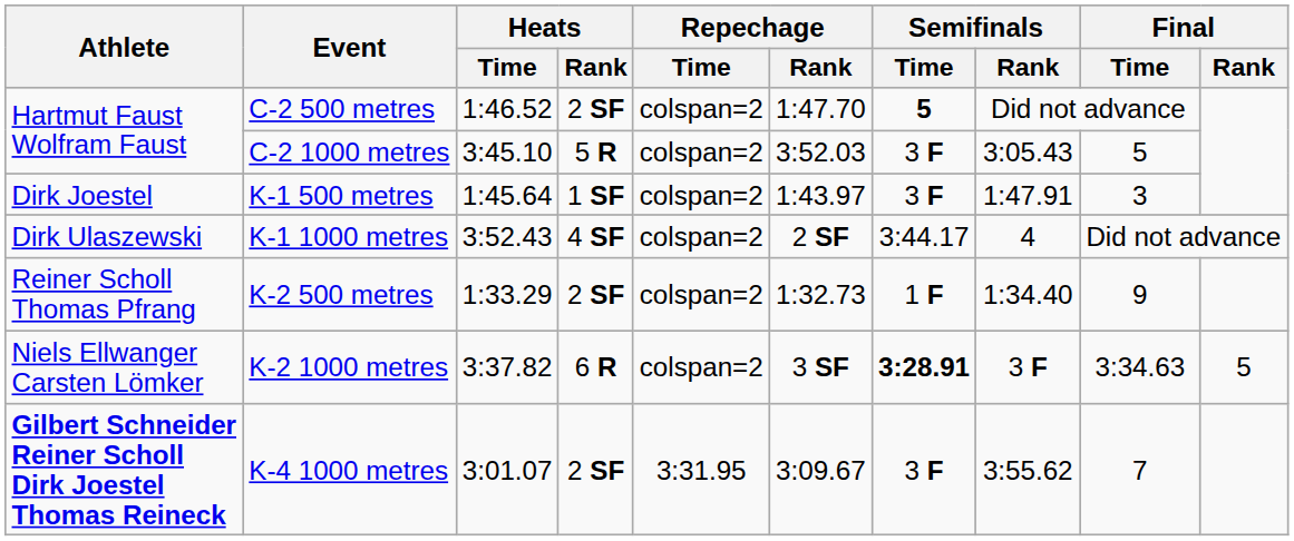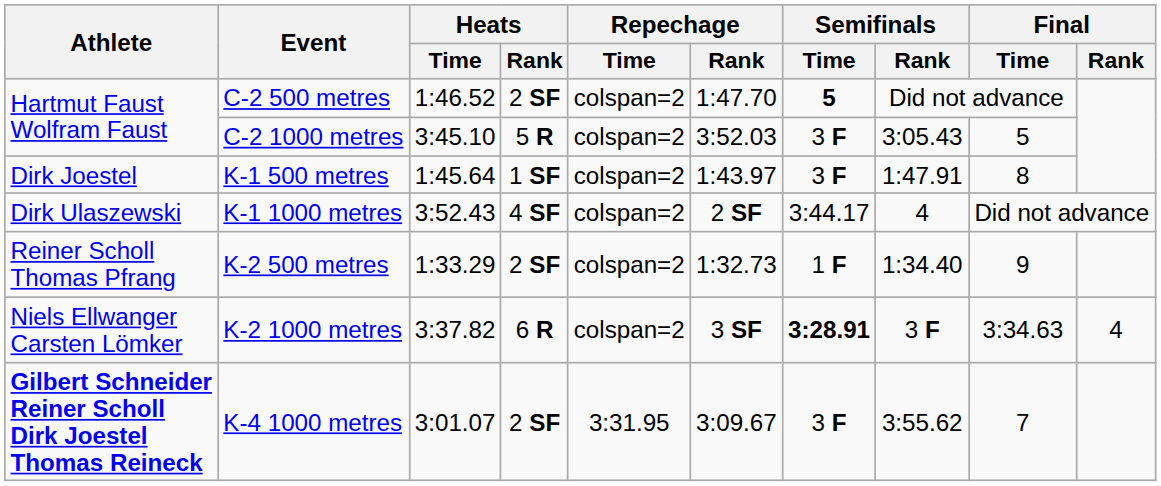 <table class=wikitable style="font-size:90%">
 <tr>
 <th rowspan="2">Athlete</th>
 <th rowspan="2">Event</th>
 <th colspan=2>Heats</th>
 <th colspan=2>Repechage</th>
 <th colspan=2>Semifinals</th>
 <th colspan=2>Final</th>
 </tr>
 <tr style="font-size:95%">
 <th>Time</th>
 <th>Rank</th>
 <th>Time</th>
 <th>Rank</th>
 <th>Time</th>
 <th>Rank</th>
 <th>Time</th>
 <th>Rank</th>
 </tr>
 <tr align=center>
 <td align=left rowspan=2><a href='#'>Hartmut Faust</a><br><a href='#'>Wolfram Faust</a></td>
 <td align=left><a href='#'>C-2 500 metres</a></td>
 <td>1:46.52</td>
 <td>2 <strong>SF</strong></td>
 <td>colspan=2</td>
 <td>1:47.70</td>
 <td><strong>5</strong></td>
 <td colspan=2>Did not advance</td>
 </tr>
 <tr align=center>
 <td align=left><a href='#'>C-2 1000 metres</a></td>
 <td>3:45.10</td>
 <td>5 <strong>R</strong></td>
 <td>colspan=2</td>
 <td>3:52.03</td>
 <td>3 <strong>F</strong></td>
 <td>3:05.43</td>
 <td>5</td>
 </tr>
 <tr align=center>
 <td align=left><a href='#'>Dirk Joestel</a></td>
 <td align=left><a href='#'>K-1 500 metres</a></td>
 <td>1:45.64</td>
 <td>1 <strong>SF</strong></td>
 <td>colspan=2</td>
 <td>1:43.97</td>
 <td>3 <strong>F</strong></td>
 <td>1:47.91</td>
-<td>3</td>
+<td>8</td>
 </tr>
 <tr align=center>
 <td align=left><a href='#'>Dirk Ulaszewski</a></td>
 <td align=left><a href='#'>K-1 1000 metres</a></td>
 <td>3:52.43</td>
 <td>4 <strong>SF</strong></td>
 <td>colspan=2</td>
 <td>2 <strong>SF</strong></td>
 <td>3:44.17</td>
 <td>4</td>
 <td colspan=2>Did not advance</td>
 </tr>
 <tr align=center>
 <td align=left><a href='#'>Reiner Scholl</a><br><a href='#'>Thomas Pfrang</a></td>
 <td align=left><a href='#'>K-2 500 metres</a></td>
 <td>1:33.29</td>
 <td>2 <strong>SF</strong></td>
 <td>colspan=2</td>
 <td>1:32.73</td>
 <td>1 <strong>F</strong></td>
 <td>1:34.40</td>
 <td>9</td>
 </tr>
 <tr align=center>
 <td align=left><a href='#'>Niels Ellwanger</a><br><a href='#'>Carsten Lömker</a></td>
 <td align=left><a href='#'>K-2 1000 metres</a></td>
 <td>3:37.82</td>
 <td>6 <strong>R</strong></td>
 <td>colspan=2</td>
 <td>3 <strong>SF</strong></td>
 <td><strong>3:28.91</strong></td>
 <td>3 <strong>F</strong></td>
 <td>3:34.63</td>
-<td>5</td>
+<td>4</td>
 </tr>
 <tr align=center>
 <td align=left><strong><a href='#'>Gilbert Schneider</a><br><a href='#'>Reiner Scholl</a><br><a href='#'>Dirk Joestel</a><br><a href='#'>Thomas Reineck</a></strong></td>
 <td align=left><a href='#'>K-4 1000 metres</a></td>
 <td>3:01.07</td>
 <td>2 <strong>SF</strong></td>
 <td>3:31.95</td>
 <td>3:09.67</td>
 <td>3 <strong>F</strong></td>
 <td>3:55.62</td>
 <td>7</td>
 </tr>
 </table>
